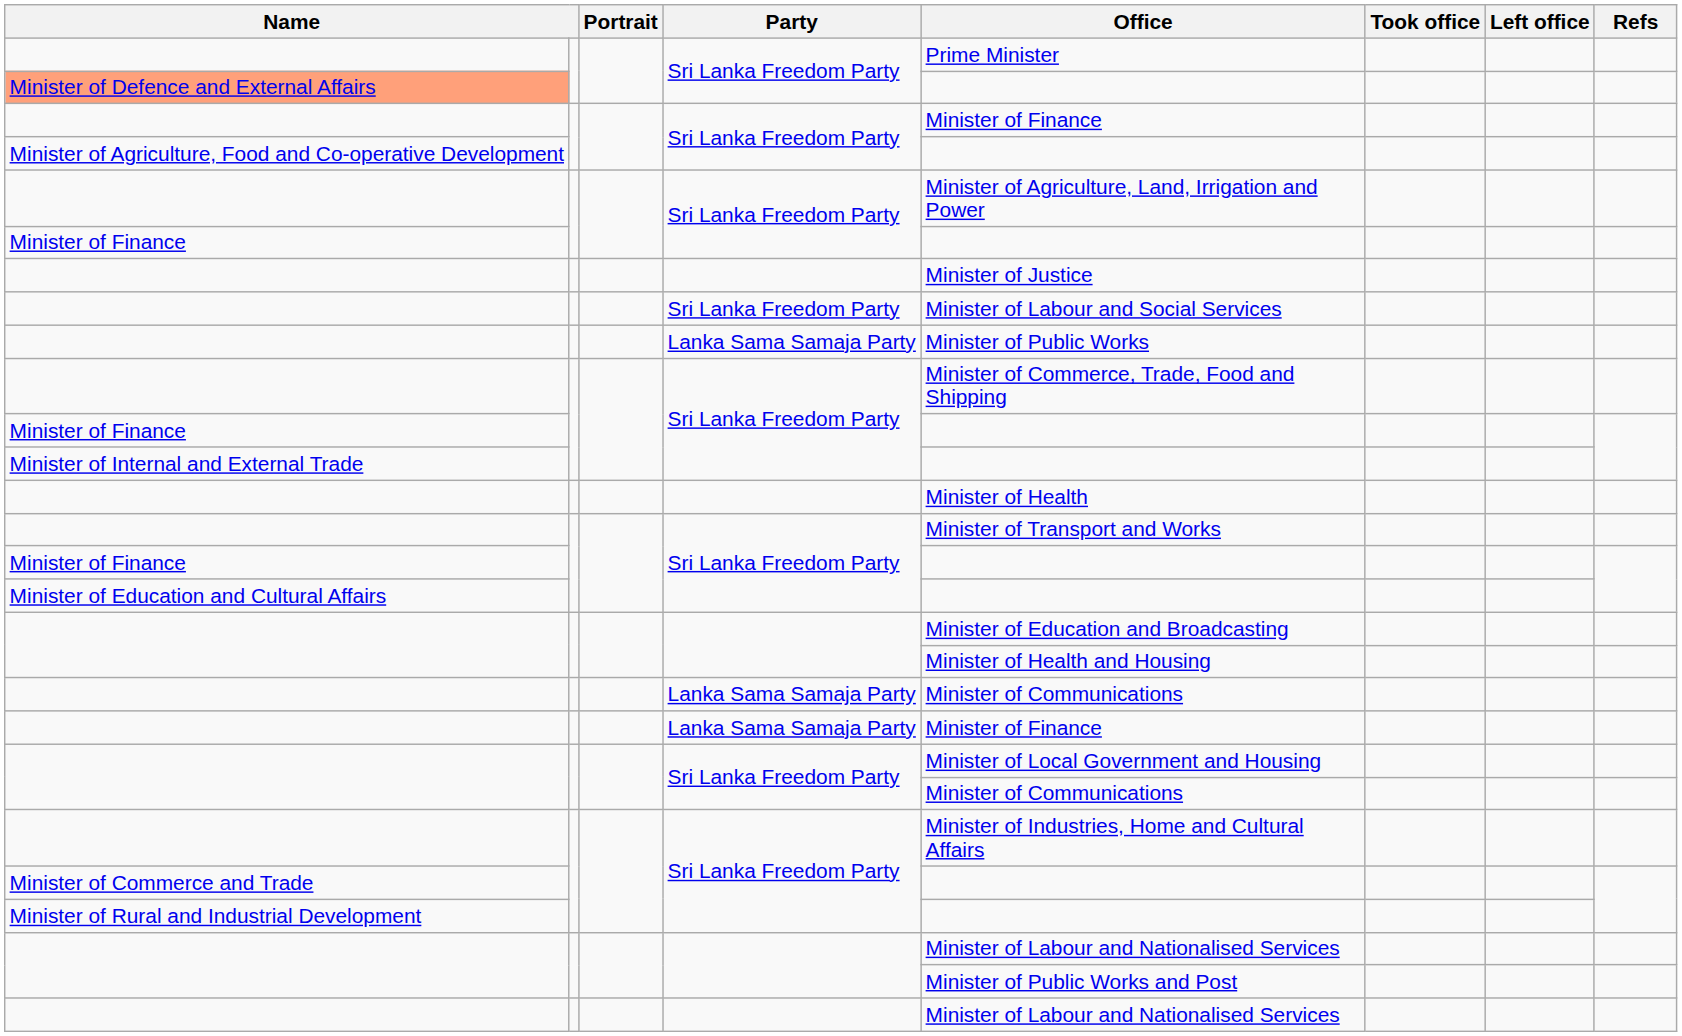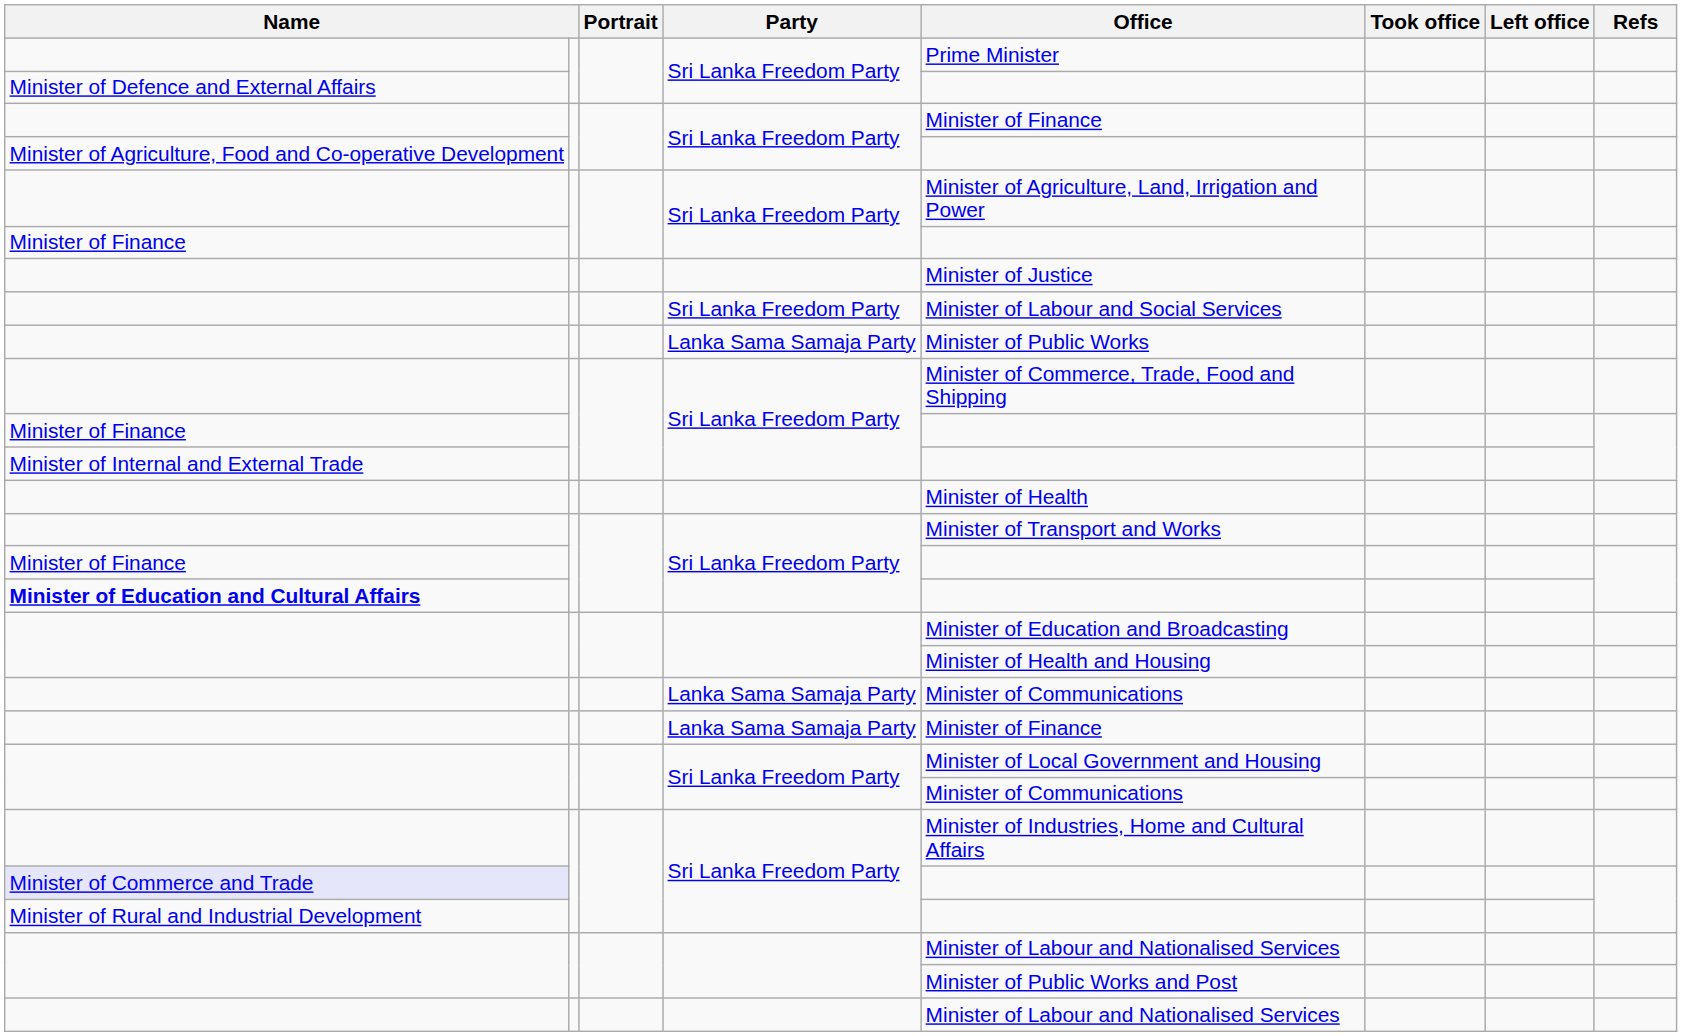 <table class="wikitable plainrowheaders sortable" style="font-size:90%; text-align:left;">
 <tr>
 <th scope=col colspan="2">Name</th>
 <th scope=col class=unsortable>Portrait</th>
 <th scope=col>Party</th>
 <th scope=col width=300px>Office</th>
 <th scope=col>Took office</th>
 <th scope=col>Left office</th>
 <th scope=col width=50px class=unsortable>Refs</th>
 </tr>
 <tr>
 <td !align="center" style="background:"></td>
 <td rowspan=2></td>
 <td align=center rowspan=2></td>
 <td rowspan=2><a href='#'>Sri Lanka Freedom Party</a></td>
 <td><a href='#'>Prime Minister</a></td>
 <td align=center></td>
 <td align=center></td>
 <td align=center></td>
 </tr>
 <tr>
-<td style="background: lightsalmon;"><a href='#'>Minister of Defence and External Affairs</a></td>
+<td><a href='#'>Minister of Defence and External Affairs</a></td>
 <td align=center></td>
 <td align=center></td>
 <td align=center></td>
 </tr>
 <tr>
 <td !align="center" style="background:"></td>
 <td rowspan=2></td>
 <td align=center rowspan=2></td>
 <td rowspan=2><a href='#'>Sri Lanka Freedom Party</a></td>
 <td><a href='#'>Minister of Finance</a></td>
 <td align=center></td>
 <td align=center></td>
 <td align=center></td>
 </tr>
 <tr>
 <td><a href='#'>Minister of Agriculture, Food and Co-operative Development</a></td>
 <td align=center></td>
 <td align=center></td>
 <td align=center></td>
 </tr>
 <tr>
 <td !align="center" style="background:"></td>
 <td rowspan=2></td>
 <td align=center rowspan=2></td>
 <td rowspan=2><a href='#'>Sri Lanka Freedom Party</a></td>
 <td><a href='#'>Minister of Agriculture, Land, Irrigation and Power</a></td>
 <td align=center></td>
 <td align=center></td>
 <td align=center></td>
 </tr>
 <tr>
 <td><a href='#'>Minister of Finance</a></td>
 <td align=center></td>
 <td align=center></td>
 <td align=center></td>
 </tr>
 <tr>
 <td></td>
 <td></td>
 <td align=center></td>
 <td></td>
 <td><a href='#'>Minister of Justice</a></td>
 <td align=center></td>
 <td align=center></td>
 <td align=center></td>
 </tr>
 <tr>
 <td !align="center" style="background:"></td>
 <td></td>
 <td align=center></td>
 <td><a href='#'>Sri Lanka Freedom Party</a></td>
 <td><a href='#'>Minister of Labour and Social Services</a></td>
 <td align=center></td>
 <td align=center></td>
 <td align=center></td>
 </tr>
 <tr>
 <td !align="center" style="background:"></td>
 <td></td>
 <td align=center></td>
 <td><a href='#'>Lanka Sama Samaja Party</a></td>
 <td><a href='#'>Minister of Public Works</a></td>
 <td align=center></td>
 <td align=center></td>
 <td align=center></td>
 </tr>
 <tr>
 <td !align="center" style="background:"></td>
 <td rowspan=3></td>
 <td align=center rowspan=3></td>
 <td rowspan=3><a href='#'>Sri Lanka Freedom Party</a></td>
 <td><a href='#'>Minister of Commerce, Trade, Food and Shipping</a></td>
 <td align=center></td>
 <td align=center></td>
 <td align=center></td>
 </tr>
 <tr>
 <td><a href='#'>Minister of Finance</a></td>
 <td align=center></td>
 <td align=center></td>
 <td align=center></td>
 </tr>
 <tr>
 <td><a href='#'>Minister of Internal and External Trade</a></td>
 <td align=center></td>
 <td align=center></td>
 <td align=center></td>
 </tr>
 <tr>
 <td></td>
 <td></td>
 <td align=center></td>
 <td></td>
 <td><a href='#'>Minister of Health</a></td>
 <td align=center></td>
 <td align=center></td>
 <td align=center></td>
 </tr>
 <tr>
 <td !align="center" style="background:"></td>
 <td rowspan=3></td>
 <td align=center rowspan=3></td>
 <td rowspan=3><a href='#'>Sri Lanka Freedom Party</a></td>
 <td><a href='#'>Minister of Transport and Works</a></td>
 <td align=center></td>
 <td align=center></td>
 <td align=center></td>
 </tr>
 <tr>
 <td><a href='#'>Minister of Finance</a></td>
 <td align=center></td>
 <td align=center></td>
 <td align=center></td>
 </tr>
 <tr>
-<td><a href='#'>Minister of Education and Cultural Affairs</a></td>
+<td><strong><a href='#'>Minister of Education and Cultural Affairs</a></strong></td>
 <td align=center></td>
 <td align=center></td>
 <td align=center></td>
 </tr>
 <tr>
 <td rowspan=2></td>
 <td rowspan=2></td>
 <td align=center rowspan=2></td>
 <td rowspan=2></td>
 <td><a href='#'>Minister of Education and Broadcasting</a></td>
 <td align=center></td>
 <td align=center></td>
 <td align=center></td>
 </tr>
 <tr>
 <td><a href='#'>Minister of Health and Housing</a></td>
 <td align=center></td>
 <td align=center></td>
 <td align=center></td>
 </tr>
 <tr>
 <td !align="center" style="background:"></td>
 <td></td>
 <td align=center></td>
 <td><a href='#'>Lanka Sama Samaja Party</a></td>
 <td><a href='#'>Minister of Communications</a></td>
 <td align=center></td>
 <td align=center></td>
 <td align=center></td>
 </tr>
 <tr>
 <td !align="center" style="background:"></td>
 <td></td>
 <td align=center></td>
 <td><a href='#'>Lanka Sama Samaja Party</a></td>
 <td><a href='#'>Minister of Finance</a></td>
 <td align=center></td>
 <td align=center></td>
 <td align=center></td>
 </tr>
 <tr>
 <td rowspan=2 !align="center" style="background:"></td>
 <td rowspan=2></td>
 <td align=center rowspan=2></td>
 <td rowspan=2><a href='#'>Sri Lanka Freedom Party</a></td>
 <td><a href='#'>Minister of Local Government and Housing</a></td>
 <td align=center></td>
 <td align=center></td>
 <td align=center></td>
 </tr>
 <tr>
 <td><a href='#'>Minister of Communications</a></td>
 <td align=center></td>
 <td align=center></td>
 <td align=center></td>
 </tr>
 <tr>
 <td !align="center" style="background:"></td>
 <td rowspan=3></td>
 <td align=center rowspan=3></td>
 <td rowspan=3><a href='#'>Sri Lanka Freedom Party</a></td>
 <td><a href='#'>Minister of Industries, Home and Cultural Affairs</a></td>
 <td align=center></td>
 <td align=center></td>
 <td align=center></td>
 </tr>
 <tr>
-<td><a href='#'>Minister of Commerce and Trade</a></td>
+<td style="background: lavender;"><a href='#'>Minister of Commerce and Trade</a></td>
 <td align=center></td>
 <td align=center></td>
 <td align=center></td>
 </tr>
 <tr>
 <td><a href='#'>Minister of Rural and Industrial Development</a></td>
 <td align=center></td>
 <td align=center></td>
 <td align=center></td>
 </tr>
 <tr>
 <td rowspan=2></td>
 <td rowspan=2></td>
 <td align=center rowspan=2></td>
 <td rowspan=2></td>
 <td><a href='#'>Minister of Labour and Nationalised Services</a></td>
 <td align=center></td>
 <td align=center></td>
 <td align=center></td>
 </tr>
 <tr>
 <td><a href='#'>Minister of Public Works and Post</a></td>
 <td align=center></td>
 <td align=center></td>
 <td align=center></td>
 </tr>
 <tr>
 <td></td>
 <td></td>
 <td align=center></td>
 <td></td>
 <td><a href='#'>Minister of Labour and Nationalised Services</a></td>
 <td align=center></td>
 <td align=center></td>
 <td align=center></td>
 </tr>
 </table>
